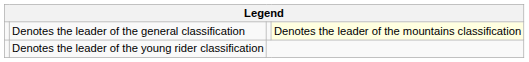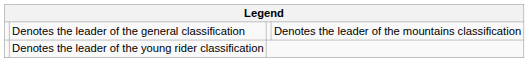 <table class="wikitable">
 <tr>
 <th colspan="4">Legend</th>
 </tr>
 <tr>
 <td></td>
 <td>Denotes the leader of the general classification</td>
 <td></td>
-<td style="background: lightyellow;">Denotes the leader of the mountains classification</td>
+<td>Denotes the leader of the mountains classification</td>
 </tr>
 <tr>
 <td></td>
 <td>Denotes the leader of the young rider classification</td>
 </tr>
 </table>
